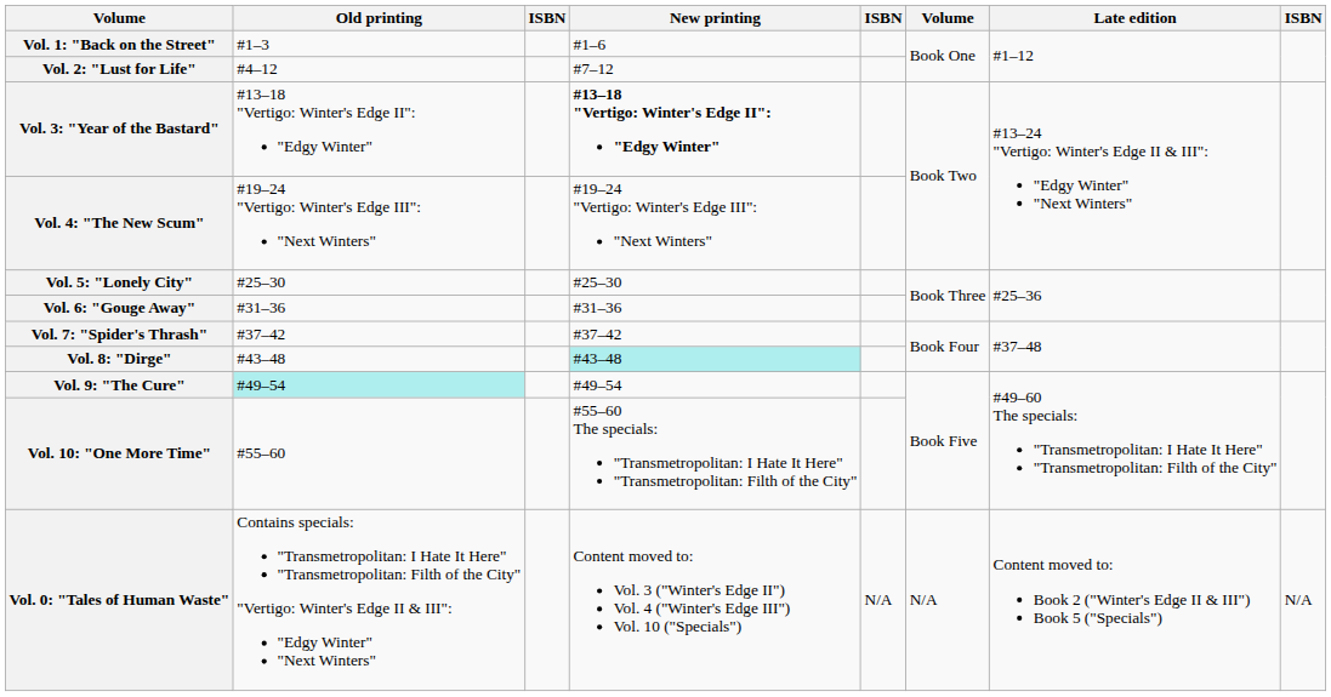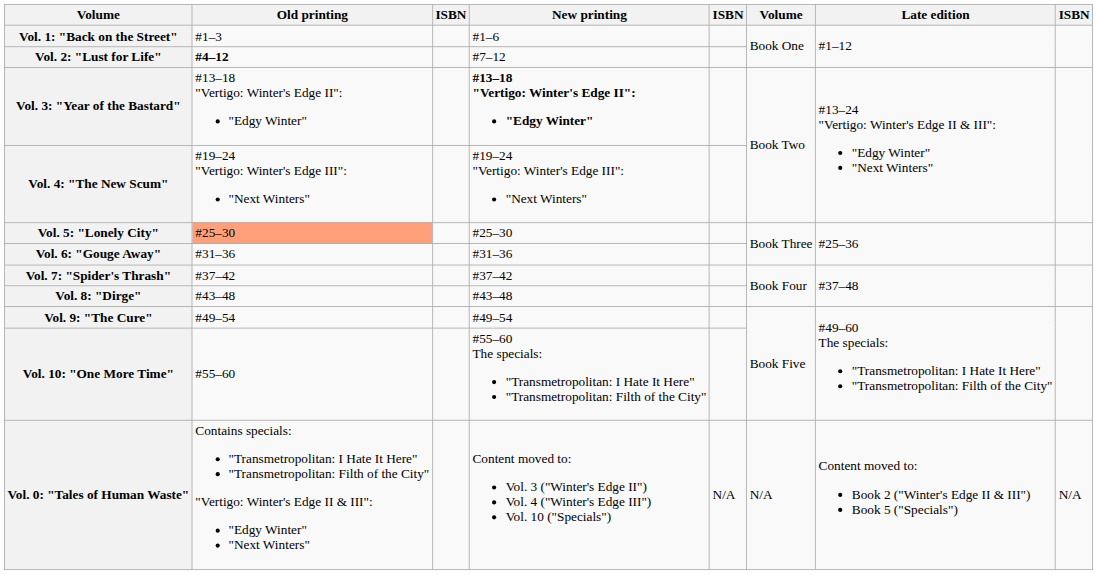 <table class="wikitable plainrowheaders">
 <tr>
 <th scope="col">Volume</th>
 <th scope="col">Old printing</th>
 <th scope="col">ISBN</th>
 <th scope="col">New printing</th>
 <th scope="col">ISBN</th>
 <th scope="col">Volume</th>
 <th scope="col">Late edition</th>
 <th scope="col">ISBN</th>
 </tr>
 <tr>
 <th scope="row">Vol. 1: "Back on the Street"</th>
 <td>#1–3</td>
 <td></td>
 <td>#1–6</td>
 <td></td>
 <td rowspan="2">Book One</td>
 <td rowspan="2">#1–12</td>
 <td rowspan="2"><br></td>
 </tr>
 <tr>
 <th scope="row">Vol. 2: "Lust for Life"</th>
-<td>#4–12</td>
+<td><strong>#4–12</strong></td>
 <td></td>
 <td>#7–12</td>
 <td></td>
 </tr>
 <tr>
 <th scope="row">Vol. 3: "Year of the Bastard"</th>
 <td>#13–18<br>"Vertigo: Winter's Edge II":<ul><li>"Edgy Winter"</li></ul></td>
 <td></td>
 <td><strong>#13–18<br>"Vertigo: Winter's Edge II":<ul><li>"Edgy Winter"</li></ul></strong></td>
 <td></td>
 <td rowspan="2">Book Two</td>
 <td rowspan="2">#13–24<br>"Vertigo: Winter's Edge II & III":<ul><li>"Edgy Winter"</li><li>"Next Winters"</li></ul></td>
 <td rowspan="2"></td>
 </tr>
 <tr>
 <th scope="row">Vol. 4: "The New Scum"</th>
 <td>#19–24<br>"Vertigo: Winter's Edge III":<ul><li>"Next Winters"</li></ul></td>
 <td></td>
 <td>#19–24<br>"Vertigo: Winter's Edge III":<ul><li>"Next Winters"</li></ul></td>
 <td></td>
 </tr>
 <tr>
 <th scope="row">Vol. 5: "Lonely City"</th>
-<td>#25–30</td>
+<td style="background: lightsalmon;">#25–30</td>
 <td></td>
 <td>#25–30</td>
 <td></td>
 <td rowspan="2">Book Three</td>
 <td rowspan="2">#25–36</td>
 <td rowspan="2"></td>
 </tr>
 <tr>
 <th scope="row">Vol. 6: "Gouge Away"</th>
 <td>#31–36</td>
 <td></td>
 <td>#31–36</td>
 <td></td>
 </tr>
 <tr>
 <th scope="row">Vol. 7: "Spider's Thrash"</th>
 <td>#37–42</td>
 <td></td>
 <td>#37–42</td>
 <td></td>
 <td rowspan="2">Book Four</td>
 <td rowspan="2">#37–48</td>
 <td rowspan="2"></td>
 </tr>
 <tr>
 <th scope="row">Vol. 8: "Dirge"</th>
 <td>#43–48</td>
 <td></td>
-<td style="background: paleturquoise;">#43–48</td>
+<td>#43–48</td>
 <td></td>
 </tr>
 <tr>
 <th scope="row">Vol. 9: "The Cure"</th>
-<td style="background: paleturquoise;">#49–54</td>
+<td>#49–54</td>
 <td></td>
 <td>#49–54</td>
 <td></td>
 <td rowspan="2">Book Five</td>
 <td rowspan="2">#49–60<br>The specials:<ul><li>"Transmetropolitan: I Hate It Here"</li><li>"Transmetropolitan: Filth of the City"</li></ul></td>
 <td rowspan="2"></td>
 </tr>
 <tr>
 <th scope="row">Vol. 10: "One More Time"</th>
 <td>#55–60</td>
 <td></td>
 <td>#55–60<br>The specials:<ul><li>"Transmetropolitan: I Hate It Here"</li><li>"Transmetropolitan: Filth of the City"</li></ul></td>
 <td></td>
 </tr>
 <tr>
 <th scope="row">Vol. 0: "Tales of Human Waste"</th>
 <td>Contains specials:<br><ul><li>"Transmetropolitan: I Hate It Here"</li><li>"Transmetropolitan: Filth of the City"</li></ul>"Vertigo: Winter's Edge II & III":<ul><li>"Edgy Winter"</li><li>"Next Winters"</li></ul></td>
 <td></td>
 <td>Content moved to:<br><ul><li>Vol. 3 ("Winter's Edge II")</li><li>Vol. 4 ("Winter's Edge III")</li><li>Vol. 10 ("Specials")</li></ul></td>
 <td>N/A</td>
 <td>N/A</td>
 <td>Content moved to:<br><ul><li>Book 2 ("Winter's Edge II & III")</li><li>Book 5 ("Specials")</li></ul></td>
 <td>N/A</td>
 </tr>
 </table>
